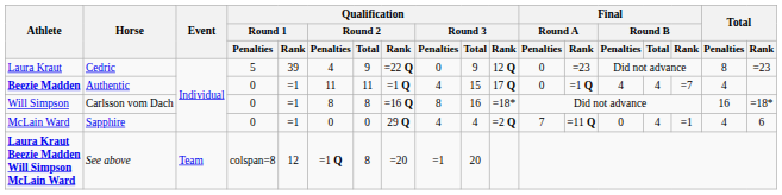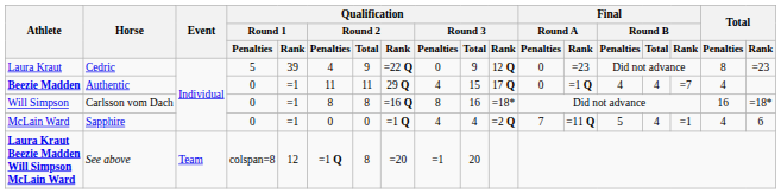 <table class=wikitable style=font-size:90%;text-align:center>
 <tr>
 <th rowspan=3>Athlete</th>
 <th rowspan=3>Horse</th>
 <th rowspan=3>Event</th>
 <th colspan=8>Qualification</th>
 <th colspan=5>Final</th>
 <th rowspan=2 colspan=2>Total</th>
 </tr>
 <tr style=font-size:95%>
 <th colspan=2>Round 1</th>
 <th colspan=3>Round 2</th>
 <th colspan=3>Round 3</th>
 <th colspan=2>Round A</th>
 <th colspan=3>Round B</th>
 </tr>
 <tr style=font-size:95%>
 <th>Penalties</th>
 <th>Rank</th>
 <th>Penalties</th>
 <th>Total</th>
 <th>Rank</th>
 <th>Penalties</th>
 <th>Total</th>
 <th>Rank</th>
 <th>Penalties</th>
 <th>Rank</th>
 <th>Penalties</th>
 <th>Total</th>
 <th>Rank</th>
 <th>Penalties</th>
 <th>Rank</th>
 </tr>
 <tr>
 <td align=left><a href='#'>Laura Kraut</a></td>
 <td align=left><a href='#'>Cedric</a></td>
 <td align=left rowspan=4><a href='#'>Individual</a></td>
 <td>5</td>
 <td>39</td>
 <td>4</td>
 <td>9</td>
 <td>=22 <strong>Q</strong></td>
 <td>0</td>
 <td>9</td>
 <td>12 <strong>Q</strong></td>
 <td>0</td>
 <td>=23</td>
 <td colspan=3>Did not advance</td>
 <td>8</td>
 <td>=23</td>
 </tr>
 <tr>
 <td align=left><strong><a href='#'>Beezie Madden</a></strong></td>
 <td align=left><a href='#'>Authentic</a></td>
 <td>0</td>
 <td>=1</td>
 <td>11</td>
 <td>11</td>
-<td>=1 <strong>Q</strong></td>
+<td>29 <strong>Q</strong></td>
 <td>4</td>
 <td>15</td>
 <td>17 <strong>Q</strong></td>
 <td>0</td>
 <td>=1 <strong>Q</strong></td>
 <td>4</td>
 <td>4</td>
 <td>=7</td>
 <td>4</td>
 <td></td>
 </tr>
 <tr>
 <td align=left><a href='#'>Will Simpson</a></td>
 <td align=left>Carlsson vom Dach</td>
 <td>0</td>
 <td>=1</td>
 <td>8</td>
 <td>8</td>
 <td>=16 <strong>Q</strong></td>
 <td>8</td>
 <td>16</td>
 <td>=18*</td>
 <td colspan=5>Did not advance</td>
 <td>16</td>
 <td>=18*</td>
 </tr>
 <tr>
 <td align=left><a href='#'>McLain Ward</a></td>
 <td align=left><a href='#'>Sapphire</a></td>
 <td>0</td>
 <td>=1</td>
 <td>0</td>
 <td>0</td>
-<td>29 <strong>Q</strong></td>
+<td>=1 <strong>Q</strong></td>
 <td>4</td>
 <td>4</td>
 <td>=2 <strong>Q</strong></td>
 <td>7</td>
 <td>=11 <strong>Q</strong></td>
-<td>0</td>
+<td>5</td>
 <td>4</td>
 <td>=1</td>
 <td>4</td>
 <td>6</td>
 </tr>
 <tr>
 <td align=left><strong><a href='#'>Laura Kraut</a><br><a href='#'>Beezie Madden</a><br><a href='#'>Will Simpson</a><br><a href='#'>McLain Ward</a></strong></td>
 <td align=left><em>See above</em></td>
 <td align=left><a href='#'>Team</a></td>
 <td>colspan=8 </td>
 <td>12</td>
 <td>=1 <strong>Q</strong></td>
 <td>8</td>
 <td>=20</td>
 <td>=1</td>
 <td>20</td>
 <td></td>
 </tr>
 </table>
